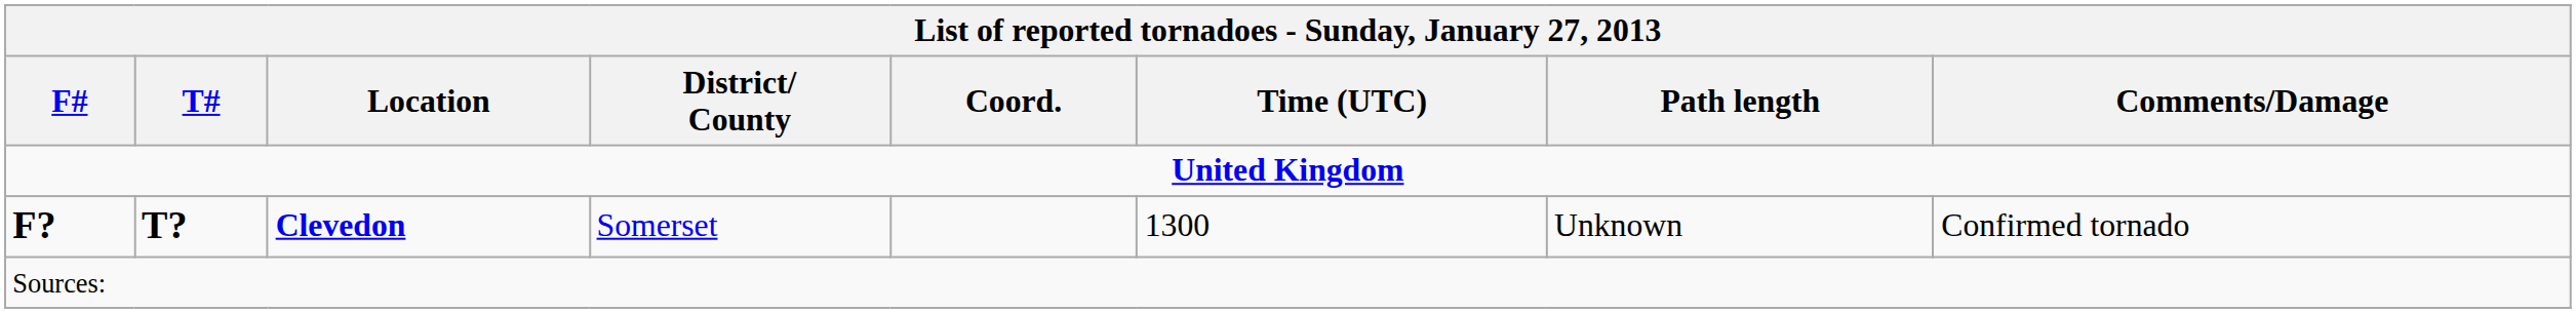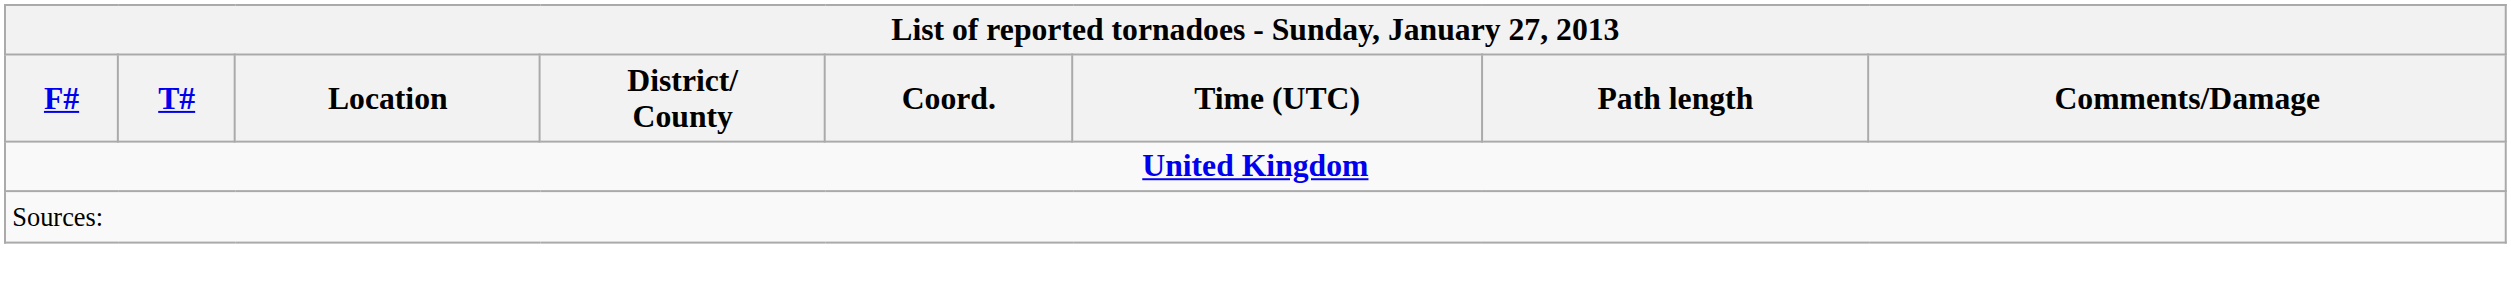 <table class="wikitable collapsible" width="100%">
 <tr>
 <th colspan="8">List of reported tornadoes - Sunday, January 27, 2013</th>
 </tr>
 <tr>
 <th><a href='#'>F#</a></th>
 <th><a href='#'>T#</a></th>
 <th>Location</th>
 <th>District/<br>County</th>
 <th>Coord.</th>
 <th>Time (UTC)</th>
 <th>Path length</th>
 <th>Comments/Damage</th>
 </tr>
 <tr>
 <td colspan="8" align=center><strong><a href='#'>United Kingdom</a></strong></td>
 </tr>
 <tr>
-<td><big><strong>F?</strong></big></td>
-<td><big><strong>T?</strong></big></td>
-<td><strong><a href='#'>Clevedon</a></strong></td>
-<td><a href='#'>Somerset</a></td>
-<td></td>
-<td>1300</td>
-<td>Unknown</td>
-<td>Confirmed tornado</td>
-</tr>
-<tr>
 <td colspan="8"><small>Sources:  </small></td>
 </tr>
 </table>
